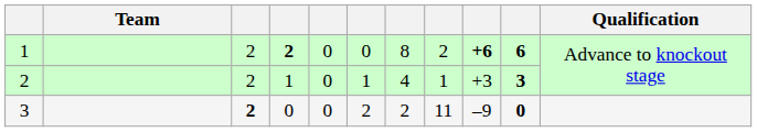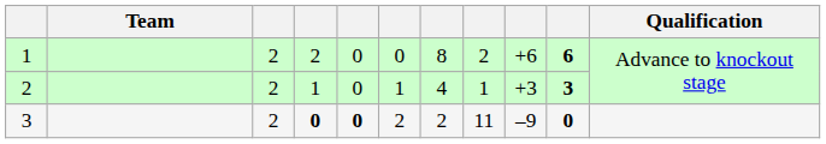 <table class="wikitable" style="text-align: center;">
 <tr>
 <th width="25"></th>
 <th width="150">Team</th>
 <th width="25"></th>
 <th width="25"></th>
 <th width="25"></th>
 <th width="25"></th>
 <th width="25"></th>
 <th width="25"></th>
 <th width="25"></th>
 <th width="25"></th>
 <th width="170">Qualification</th>
 </tr>
 <tr align=center style="background:#ccffcc;">
 <td>1</td>
 <td style="text-align:left;"></td>
 <td>2</td>
-<td><strong>2</strong></td>
+<td>2</td>
 <td>0</td>
 <td>0</td>
 <td>8</td>
 <td>2</td>
-<td><strong>+6</strong></td>
+<td>+6</td>
 <td><strong>6</strong></td>
 <td rowspan="2">Advance to <a href='#'>knockout stage</a></td>
 </tr>
 <tr align=center style="background:#ccffcc;">
 <td>2</td>
 <td style="text-align:left;"></td>
 <td>2</td>
 <td>1</td>
 <td>0</td>
 <td>1</td>
 <td>4</td>
 <td>1</td>
 <td>+3</td>
 <td><strong>3</strong></td>
 </tr>
 <tr align=center style="background:#f5f5f5;">
 <td>3</td>
 <td style="text-align:left;"></td>
-<td><strong>2</strong></td>
-<td>0</td>
-<td>0</td>
+<td>2</td>
+<td><strong>0</strong></td>
+<td><strong>0</strong></td>
 <td>2</td>
 <td>2</td>
 <td>11</td>
 <td>–9</td>
 <td><strong>0</strong></td>
 <td></td>
 </tr>
 </table>
